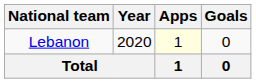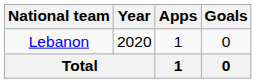 <table class="wikitable" style="text-align:center">
 <tr>
 <th>National team</th>
 <th>Year</th>
 <th>Apps</th>
 <th>Goals</th>
 </tr>
 <tr>
 <td><a href='#'>Lebanon</a></td>
 <td>2020</td>
-<td style="background: lightyellow;">1</td>
+<td>1</td>
 <td>0</td>
 </tr>
 <tr>
 <th colspan="2">Total</th>
 <th>1</th>
 <th>0</th>
 </tr>
 </table>
